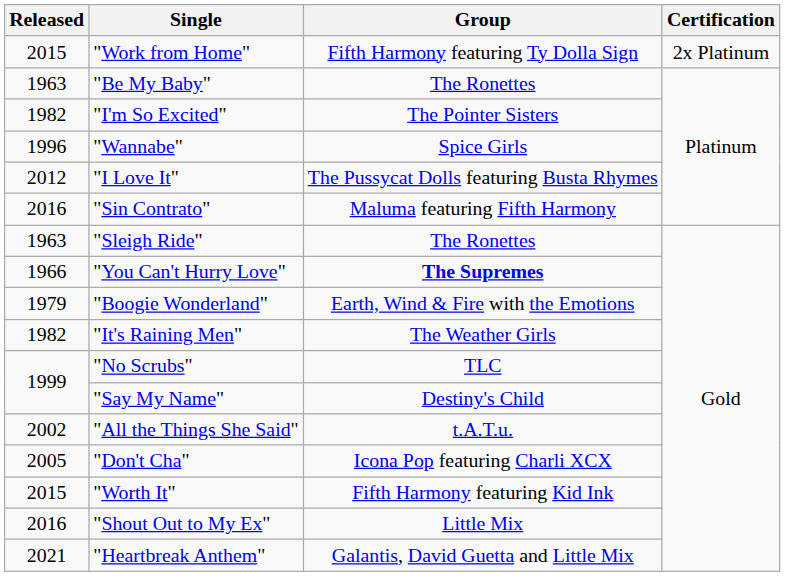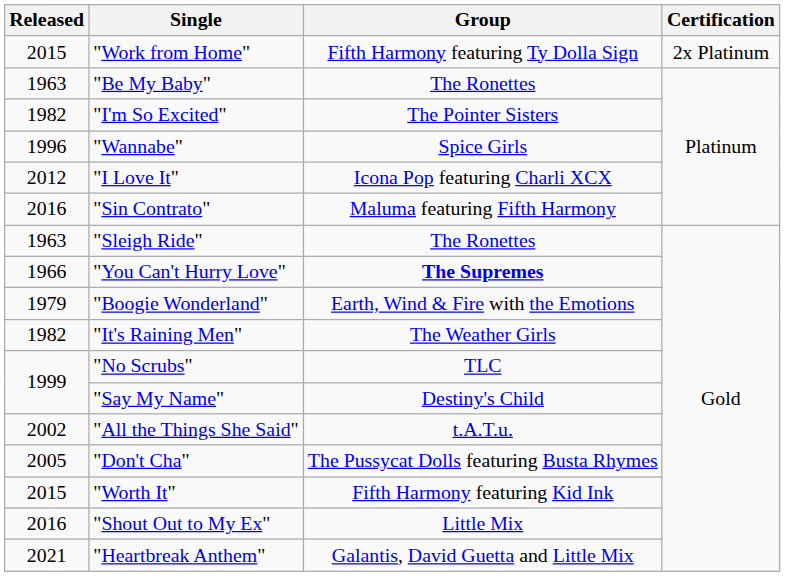 <table class="wikitable plainrowheaders" style="text-align:center;">
 <tr>
 <th>Released</th>
 <th>Single</th>
 <th>Group</th>
 <th>Certification</th>
 </tr>
 <tr>
 <td>2015</td>
 <td style="text-align:left;">"<a href='#'>Work from Home</a>"</td>
 <td><a href='#'>Fifth Harmony</a> featuring <a href='#'>Ty Dolla Sign</a></td>
 <td>2x Platinum</td>
 </tr>
 <tr>
 <td>1963</td>
 <td style="text-align:left;">"<a href='#'>Be My Baby</a>"</td>
 <td><a href='#'>The Ronettes</a></td>
 <td rowspan="5">Platinum</td>
 </tr>
 <tr>
 <td>1982</td>
 <td style="text-align:left;">"<a href='#'>I'm So Excited</a>"</td>
 <td><a href='#'>The Pointer Sisters</a></td>
 </tr>
 <tr>
 <td>1996</td>
 <td style="text-align:left;">"<a href='#'>Wannabe</a>"</td>
 <td><a href='#'>Spice Girls</a></td>
 </tr>
 <tr>
 <td>2012</td>
 <td style="text-align:left;">"<a href='#'>I Love It</a>"</td>
-<td><a href='#'>The Pussycat Dolls</a> featuring <a href='#'>Busta Rhymes</a></td>
+<td><a href='#'>Icona Pop</a> featuring <a href='#'>Charli XCX</a></td>
 </tr>
 <tr>
 <td>2016</td>
 <td style="text-align:left;">"<a href='#'>Sin Contrato</a>"</td>
 <td><a href='#'>Maluma</a> featuring <a href='#'>Fifth Harmony</a></td>
 </tr>
 <tr>
 <td>1963</td>
 <td style="text-align:left;">"<a href='#'>Sleigh Ride</a>"</td>
 <td><a href='#'>The Ronettes</a></td>
 <td rowspan="11">Gold</td>
 </tr>
 <tr>
 <td>1966</td>
 <td style="text-align:left;">"<a href='#'>You Can't Hurry Love</a>"</td>
 <td><strong><a href='#'>The Supremes</a></strong></td>
 </tr>
 <tr>
 <td>1979</td>
 <td style="text-align:left;">"<a href='#'>Boogie Wonderland</a>"</td>
 <td><a href='#'>Earth, Wind & Fire</a> with <a href='#'>the Emotions</a></td>
 </tr>
 <tr>
 <td>1982</td>
 <td style="text-align:left;">"<a href='#'>It's Raining Men</a>"</td>
 <td><a href='#'>The Weather Girls</a></td>
 </tr>
 <tr>
 <td rowspan="2">1999</td>
 <td style="text-align:left;">"<a href='#'>No Scrubs</a>"</td>
 <td><a href='#'>TLC</a></td>
 </tr>
 <tr>
 <td style="text-align:left;">"<a href='#'>Say My Name</a>"</td>
 <td><a href='#'>Destiny's Child</a></td>
 </tr>
 <tr>
 <td>2002</td>
 <td style="text-align:left;">"<a href='#'>All the Things She Said</a>"</td>
 <td><a href='#'>t.A.T.u.</a></td>
 </tr>
 <tr>
 <td>2005</td>
 <td style="text-align:left;">"<a href='#'>Don't Cha</a>"</td>
-<td><a href='#'>Icona Pop</a> featuring <a href='#'>Charli XCX</a></td>
+<td><a href='#'>The Pussycat Dolls</a> featuring <a href='#'>Busta Rhymes</a></td>
 </tr>
 <tr>
 <td>2015</td>
 <td style="text-align:left;">"<a href='#'>Worth It</a>"</td>
 <td><a href='#'>Fifth Harmony</a> featuring <a href='#'>Kid Ink</a></td>
 </tr>
 <tr>
 <td>2016</td>
 <td style="text-align:left;">"<a href='#'>Shout Out to My Ex</a>"</td>
 <td><a href='#'>Little Mix</a></td>
 </tr>
 <tr>
 <td>2021</td>
 <td style="text-align:left;">"<a href='#'>Heartbreak Anthem</a>"</td>
 <td><a href='#'>Galantis</a>, <a href='#'>David Guetta</a> and <a href='#'>Little Mix</a></td>
 </tr>
 </table>
